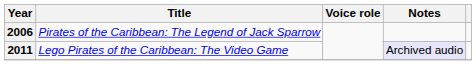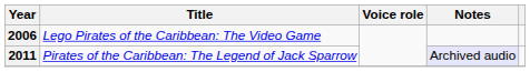 <table class="wikitable plainrowheaders">
 <tr>
 <th scope="col">Year</th>
 <th scope="col">Title</th>
 <th scope="col">Voice role</th>
 <th scope="col" class="unsortable">Notes</th>
 <th scope="col"></th>
 </tr>
 <tr>
 <th scope="row">2006</th>
-<td><em><a href='#'>Pirates of the Caribbean: The Legend of Jack Sparrow</a></em></td>
+<td><em><a href='#'>Lego Pirates of the Caribbean: The Video Game</a></em></td>
 <td rowspan="2"></td>
 <td></td>
 <td style="text-align:center;"></td>
 </tr>
 <tr>
 <th scope="row">2011</th>
-<td><em><a href='#'>Lego Pirates of the Caribbean: The Video Game</a></em></td>
+<td><em><a href='#'>Pirates of the Caribbean: The Legend of Jack Sparrow</a></em></td>
 <td style="background: lavender;">Archived audio</td>
 <td style="text-align:center;"></td>
 </tr>
 <tr>
 </tr>
 </table>
